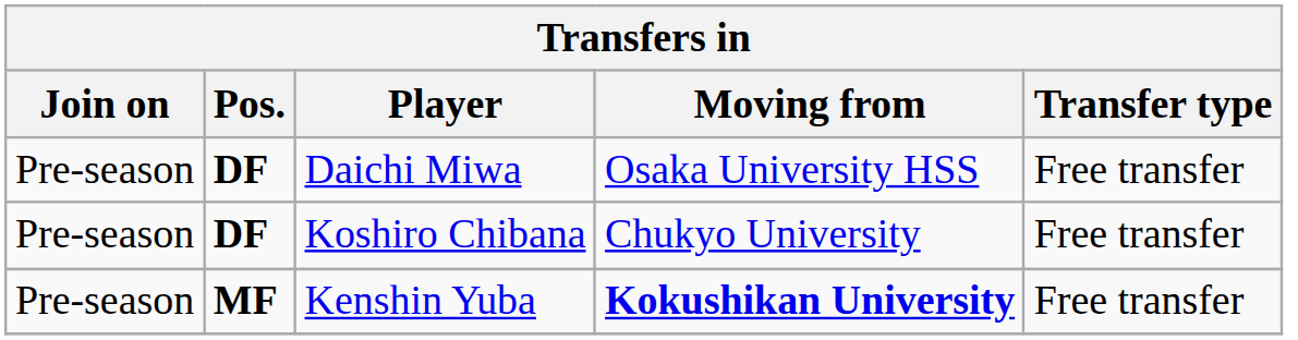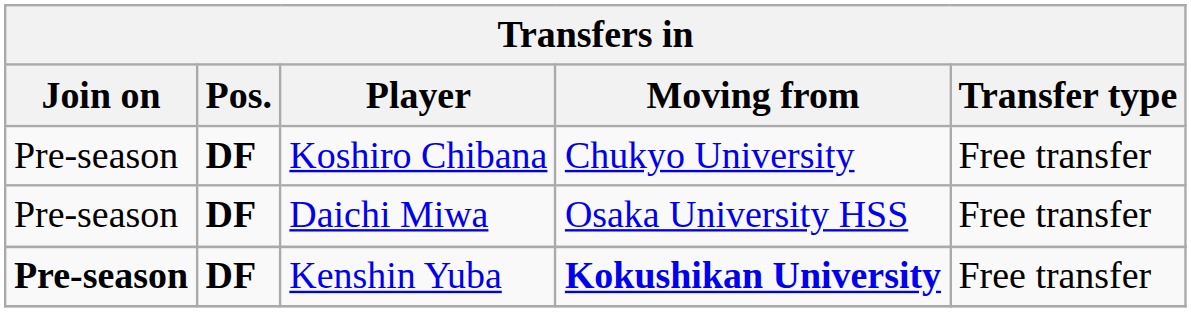 <table class="wikitable sortable" style=“text-align:left;>
 <tr>
 <th colspan="5">Transfers in</th>
 </tr>
 <tr>
 <th>Join on</th>
 <th>Pos.</th>
 <th>Player</th>
 <th>Moving from</th>
 <th>Transfer type</th>
 </tr>
 <tr>
 <td>Pre-season</td>
 <td><strong>DF</strong></td>
+<td> <a href='#'>Koshiro Chibana</a></td>
+<td> <a href='#'>Chukyo University</a></td>
+<td>Free transfer</td>
+</tr>
+<tr>
+<td>Pre-season</td>
+<td><strong>DF</strong></td>
 <td> <a href='#'>Daichi Miwa</a></td>
 <td> <a href='#'>Osaka University HSS</a></td>
 <td>Free transfer</td>
 </tr>
 <tr>
-<td>Pre-season</td>
-<td><strong>DF</strong></td>
-<td> <a href='#'>Koshiro Chibana</a></td>
-<td> <a href='#'>Chukyo University</a></td>
-<td>Free transfer</td>
 </tr>
 <tr>
-</tr>
-<tr>
-<td>Pre-season</td>
-<td><strong>MF</strong></td>
+<td><strong>Pre-season</strong></td>
+<td><strong>DF</strong></td>
 <td> <a href='#'>Kenshin Yuba</a></td>
 <td><strong> <a href='#'>Kokushikan University</a></strong></td>
 <td>Free transfer</td>
 </tr>
 <tr>
 </tr>
 </table>
